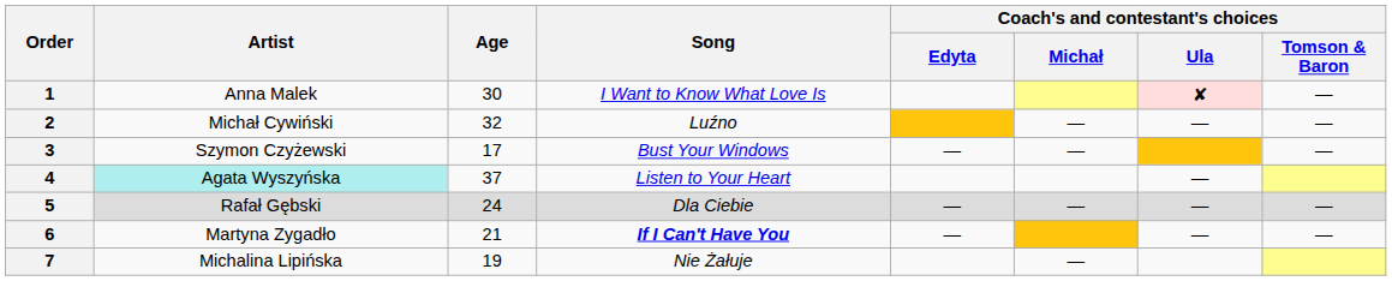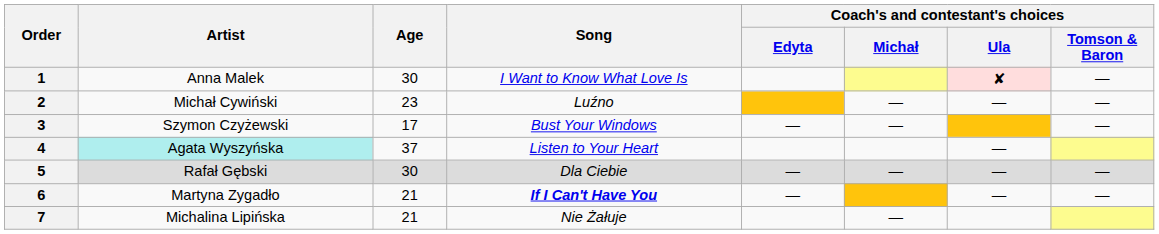 <table class="wikitable" style="text-align:center; width:100%;">
 <tr>
 <th scope="col" rowspan="2" style="width:05%;">Order</th>
 <th scope="col" rowspan="2" style="width:20%;">Artist</th>
 <th scope="col" rowspan="2" style="width:05%;">Age</th>
 <th scope="col" rowspan="2" style="width:20%;">Song</th>
 <th scope="col" colspan="4" style="width:32%;">Coach's and contestant's choices</th>
 </tr>
 <tr>
 <th style="width:07%;"><a href='#'>Edyta</a></th>
 <th style="width:07%;"><a href='#'>Michał</a></th>
 <th style="width:07%;"><a href='#'>Ula</a></th>
 <th style="width:07%;"><a href='#'>Tomson & Baron</a></th>
 </tr>
 <tr>
 <th>1</th>
 <td>Anna Malek</td>
 <td>30</td>
 <td><em><a href='#'>I Want to Know What Love Is</a></em></td>
 <td><strong></strong></td>
 <td style="background:#fdfc8f;"><strong></strong></td>
 <td style="background:#ffdddd;"> ✘ </td>
 <td>—</td>
 </tr>
 <tr>
 <th>2</th>
 <td>Michał Cywiński</td>
-<td>32</td>
+<td>23</td>
 <td><em>Luźno</em></td>
 <td style="background:#ffc40c;"><strong></strong></td>
 <td>—</td>
 <td>—</td>
 <td>—</td>
 </tr>
 <tr>
 <th>3</th>
 <td>Szymon Czyżewski</td>
 <td>17</td>
 <td><em><a href='#'>Bust Your Windows</a></em></td>
 <td>—</td>
 <td>—</td>
 <td style="background:#ffc40c;"><strong></strong></td>
 <td>—</td>
 </tr>
 <tr>
 <th>4</th>
 <td style="background: paleturquoise;">Agata Wyszyńska</td>
 <td>37</td>
 <td><em><a href='#'>Listen to Your Heart</a></em></td>
 <td><strong></strong></td>
 <td><strong></strong></td>
 <td>—</td>
 <td style="background:#fdfc8f;"><strong></strong></td>
 </tr>
 <tr>
 <th>5</th>
 <td style="background:#DCDCDC;">Rafał Gębski</td>
-<td style="background:#DCDCDC;">24</td>
+<td style="background:#DCDCDC;">30</td>
 <td style="background:#DCDCDC;"><em>Dla Ciebie</em></td>
 <td style="background:#DCDCDC;">—</td>
 <td style="background:#DCDCDC;">—</td>
 <td style="background:#DCDCDC;">—</td>
 <td style="background:#DCDCDC;">—</td>
 </tr>
 <tr>
 <th>6</th>
 <td>Martyna Zygadło</td>
 <td>21</td>
 <td><strong><em><a href='#'>If I Can't Have You</a></em></strong></td>
 <td>—</td>
 <td style="background:#ffc40c;"><strong></strong></td>
 <td>—</td>
 <td>—</td>
 </tr>
 <tr>
 <th>7</th>
 <td>Michalina Lipińska</td>
-<td>19</td>
+<td>21</td>
 <td><em>Nie Żałuje</em></td>
 <td><strong></strong></td>
 <td>—</td>
 <td><strong></strong></td>
 <td style="background:#fdfc8f;"><strong></strong></td>
 </tr>
 </table>
